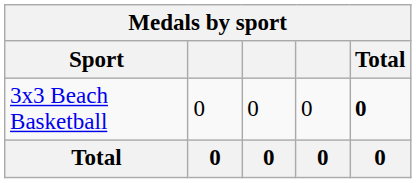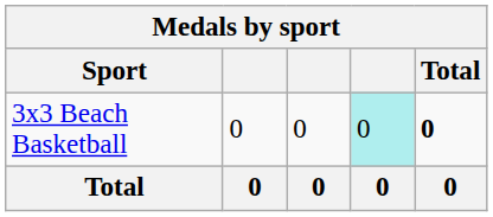 <table class="wikitable">
 <tr>
 <th colspan="5">Medals by sport</th>
 </tr>
 <tr>
 <th width="120">Sport</th>
 <th scope="col" width="30"></th>
 <th scope="col" width="30"></th>
 <th scope="col" width="30"></th>
 <th width="30">Total</th>
 </tr>
 <tr>
 <td align="left"><a href='#'>3x3 Beach Basketball</a></td>
 <td>0</td>
 <td>0</td>
-<td>0</td>
+<td style="background: paleturquoise;">0</td>
 <td><strong>0</strong></td>
 </tr>
 <tr class="sortbottom">
 <th>Total</th>
 <th>0</th>
 <th>0</th>
 <th>0</th>
 <th>0</th>
 </tr>
 </table>
